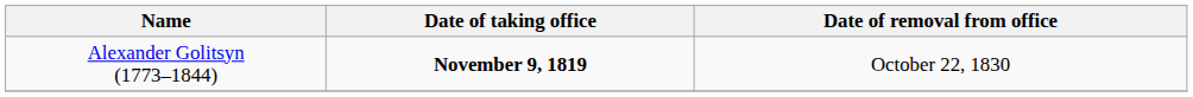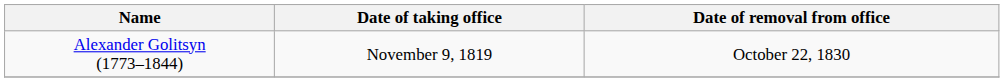 <table class="wikitable" style="text-align:center" width=75%>
 <tr>
 <th width=250px>Name</th>
 <th>Date of taking office</th>
 <th>Date of removal from office</th>
 </tr>
 <tr>
 <td><a href='#'>Alexander Golitsyn</a><br>(1773–1844)</td>
-<td><strong>November 9, 1819</strong></td>
+<td>November 9, 1819</td>
 <td>October 22, 1830</td>
 </tr>
 <tr>
 </tr>
 </table>
